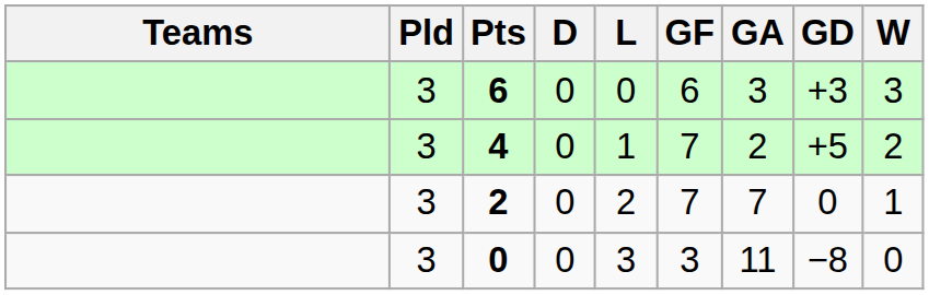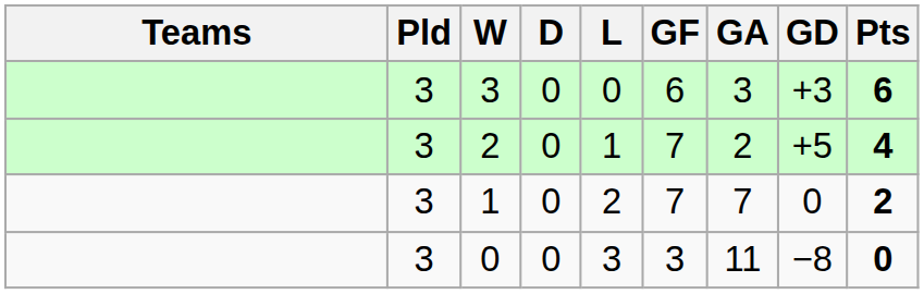 <table class="wikitable" style="text-align: center;">
 <tr>
 <th width=165>Teams</th>
 <th width=20>Pld</th>
-<th width=20>Pts</th>
+<th width=20>W</th>
 <th width=20>D</th>
 <th width=20>L</th>
 <th width=20>GF</th>
 <th width=20>GA</th>
 <th width=20>GD</th>
-<th width=20>W</th>
+<th width=20>Pts</th>
 </tr>
 <tr align=center style="background:#ccffcc;">
 <td style="text-align:left;"></td>
 <td>3</td>
-<td><strong>6</strong></td>
+<td>3</td>
 <td>0</td>
 <td>0</td>
 <td>6</td>
 <td>3</td>
 <td>+3</td>
-<td>3</td>
+<td><strong>6</strong></td>
 </tr>
 <tr align=center style="background:#ccffcc;">
 <td style="text-align:left;"></td>
 <td>3</td>
-<td><strong>4</strong></td>
+<td>2</td>
 <td>0</td>
 <td>1</td>
 <td>7</td>
 <td>2</td>
 <td>+5</td>
-<td>2</td>
+<td><strong>4</strong></td>
 </tr>
 <tr align=center>
 <td style="text-align:left;"></td>
 <td>3</td>
-<td><strong>2</strong></td>
+<td>1</td>
 <td>0</td>
 <td>2</td>
 <td>7</td>
 <td>7</td>
 <td>0</td>
-<td>1</td>
+<td><strong>2</strong></td>
 </tr>
 <tr align=center>
 <td style="text-align:left;"></td>
 <td>3</td>
-<td><strong>0</strong></td>
+<td>0</td>
 <td>0</td>
 <td>3</td>
 <td>3</td>
 <td>11</td>
 <td>−8</td>
-<td>0</td>
+<td><strong>0</strong></td>
 </tr>
 </table>
